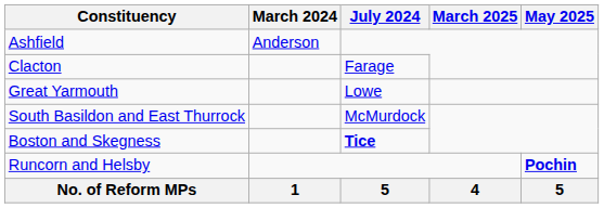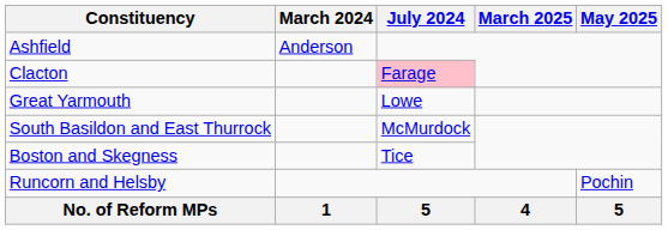 <table class="wikitable">
 <tr>
 <th>Constituency</th>
 <th>March 2024</th>
 <th><a href='#'>July 2024</a></th>
 <th><a href='#'>March 2025</a></th>
 <th><a href='#'>May 2025</a></th>
 </tr>
 <tr>
 <td><a href='#'>Ashfield</a></td>
 <td><a href='#'>Anderson</a></td>
 </tr>
 <tr>
 <td><a href='#'>Clacton</a></td>
 <td></td>
-<td><a href='#'>Farage</a></td>
+<td style="background: pink;"><a href='#'>Farage</a></td>
 </tr>
 <tr>
 <td><a href='#'>Great Yarmouth</a></td>
 <td></td>
 <td><a href='#'>Lowe</a></td>
 <td colspan="2"></td>
 </tr>
 <tr>
 <td><a href='#'>South Basildon and East Thurrock</a></td>
 <td></td>
 <td><a href='#'>McMurdock</a></td>
 </tr>
 <tr>
 <td><a href='#'>Boston and Skegness</a></td>
 <td></td>
-<td><strong><a href='#'>Tice</a></strong></td>
+<td><a href='#'>Tice</a></td>
 </tr>
 <tr>
 <td><a href='#'>Runcorn and Helsby</a></td>
 <td colspan="3"></td>
-<td><strong><a href='#'>Pochin</a></strong></td>
+<td><a href='#'>Pochin</a></td>
 </tr>
 <tr>
 <th>No. of Reform MPs</th>
 <th>1</th>
 <th>5</th>
 <th>4</th>
 <th>5</th>
 </tr>
 </table>
